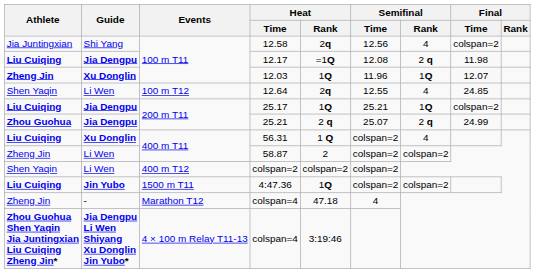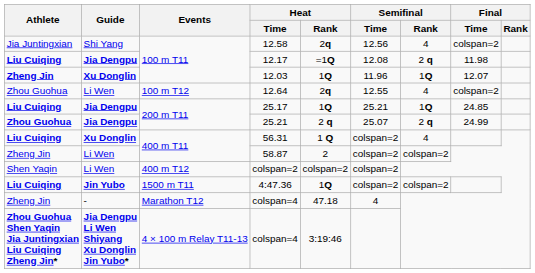 <table class=wikitable style="text-align: center; font-size:90%">
 <tr>
 <th rowspan="2">Athlete</th>
 <th rowspan="2">Guide</th>
 <th rowspan="2">Events</th>
 <th colspan="2">Heat</th>
 <th colspan="2">Semifinal</th>
 <th colspan="2">Final</th>
 </tr>
 <tr>
 <th>Time</th>
 <th>Rank</th>
 <th>Time</th>
 <th>Rank</th>
 <th>Time</th>
 <th>Rank</th>
 </tr>
 <tr>
 <td align=left><a href='#'>Jia Juntingxian</a></td>
 <td align=left><a href='#'>Shi Yang</a></td>
 <td align=left rowspan=3><a href='#'>100 m T11</a></td>
 <td>12.58</td>
 <td>2<strong>q</strong></td>
 <td>12.56</td>
 <td>4</td>
 <td>colspan=2 </td>
 </tr>
 <tr>
 <td align=left><strong><a href='#'>Liu Cuiqing</a></strong></td>
 <td align=left><strong><a href='#'>Jia Dengpu</a></strong></td>
 <td>12.17</td>
 <td>=1<strong>Q</strong></td>
 <td>12.08</td>
 <td>2 <strong>q</strong></td>
 <td>11.98</td>
 <td></td>
 </tr>
 <tr>
 <td align=left><strong><a href='#'>Zheng Jin</a></strong></td>
 <td align=left><strong><a href='#'>Xu Donglin</a></strong></td>
 <td>12.03</td>
 <td>1<strong>Q</strong></td>
 <td>11.96 </td>
 <td>1<strong>Q</strong></td>
 <td>12.07</td>
 <td></td>
 </tr>
 <tr>
-<td align=left><a href='#'>Shen Yaqin</a></td>
+<td align=left><a href='#'>Zhou Guohua</a></td>
 <td align=left><a href='#'>Li Wen</a></td>
 <td align=left><a href='#'>100 m T12</a></td>
 <td>12.64</td>
 <td>2<strong>q</strong></td>
 <td>12.55</td>
 <td>4</td>
-<td>24.85</td>
+<td>colspan=2 </td>
 </tr>
 <tr>
 <td align=left><strong><a href='#'>Liu Cuiqing</a></strong></td>
 <td align=left><strong><a href='#'>Jia Dengpu</a></strong></td>
 <td align=left rowspan=2><a href='#'>200 m T11</a></td>
 <td>25.17</td>
 <td>1<strong>Q</strong></td>
 <td>25.21</td>
 <td>1<strong>Q</strong></td>
-<td>colspan=2 </td>
+<td>24.85</td>
 <td></td>
 </tr>
 <tr>
 <td align=left><strong><a href='#'>Zhou Guohua</a></strong></td>
 <td align=left><strong><a href='#'>Jia Dengpu</a></strong></td>
 <td>25.21</td>
 <td>2 <strong>q</strong></td>
 <td>25.07</td>
 <td>2 <strong>q</strong></td>
 <td>24.99</td>
 <td></td>
 </tr>
 <tr>
 <td align=left><strong><a href='#'>Liu Cuiqing</a></strong></td>
 <td align=left><strong><a href='#'>Xu Donglin</a></strong></td>
 <td align=left rowspan=2><a href='#'>400 m T11</a></td>
 <td>56.31</td>
 <td>1 <strong>Q</strong></td>
 <td>colspan=2 </td>
 <td>4</td>
 <td></td>
 </tr>
 <tr>
 <td align=left><a href='#'>Zheng Jin</a></td>
 <td align=left><a href='#'>Li Wen</a></td>
 <td>58.87</td>
 <td>2</td>
 <td>colspan=2 </td>
 <td>colspan=2 </td>
 </tr>
 <tr>
 <td align=left><a href='#'>Shen Yaqin</a></td>
 <td align=left><a href='#'>Li Wen</a></td>
 <td align=left><a href='#'>400 m T12</a></td>
 <td>colspan=2 </td>
 <td>colspan=2 </td>
 <td>colspan=2 </td>
 </tr>
 <tr>
 <td align=left><strong><a href='#'>Liu Cuiqing</a></strong></td>
 <td align=left><strong><a href='#'>Jin Yubo</a></strong></td>
 <td align=left><a href='#'>1500 m T11</a></td>
 <td>4:47.36</td>
 <td>1<strong>Q</strong></td>
 <td>colspan=2 </td>
 <td>colspan=2 </td>
 <td></td>
 </tr>
 <tr>
 <td align=left><a href='#'>Zheng Jin</a></td>
 <td align=left>-</td>
 <td align=left><a href='#'>Marathon T12</a></td>
 <td>colspan=4 </td>
 <td>47.18 </td>
 <td>4</td>
 </tr>
 <tr>
 <td align=left><strong><a href='#'>Zhou Guohua</a><br><a href='#'>Shen Yaqin</a><br><a href='#'>Jia Juntingxian</a><br><a href='#'>Liu Cuiqing</a><br><a href='#'>Zheng Jin</a>*</strong></td>
 <td align=left><strong><a href='#'>Jia Dengpu</a><br><a href='#'>Li Wen</a><br><a href='#'>Shiyang</a><br><a href='#'>Xu Donglin</a><br><a href='#'>Jin Yubo</a>*</strong></td>
 <td align=left><a href='#'>4 × 100 m Relay T11-13</a></td>
 <td>colspan=4 </td>
 <td>3:19:46 </td>
 <td></td>
 </tr>
 </table>
